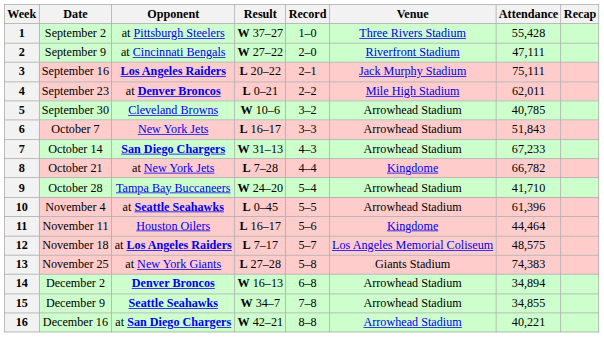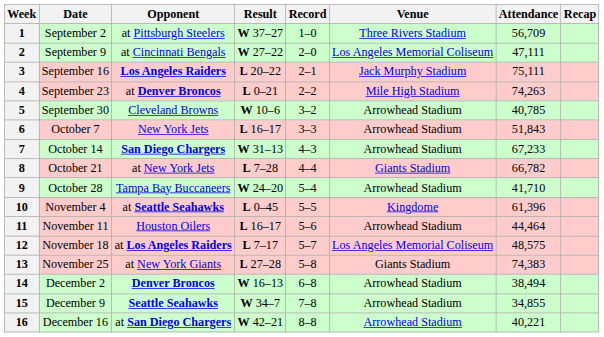 <table class="wikitable" style="text-align:center">
 <tr>
 <th>Week</th>
 <th>Date</th>
 <th>Opponent</th>
 <th>Result</th>
 <th>Record</th>
 <th>Venue</th>
 <th>Attendance</th>
 <th>Recap</th>
 </tr>
 <tr style="background:#cfc">
 <th>1</th>
 <td>September 2</td>
 <td>at <a href='#'>Pittsburgh Steelers</a></td>
 <td><strong>W</strong> 37–27</td>
 <td>1–0</td>
 <td><a href='#'>Three Rivers Stadium</a></td>
-<td>55,428</td>
+<td>56,709</td>
 <td></td>
 </tr>
 <tr style="background:#cfc">
 <th>2</th>
 <td>September 9</td>
 <td>at <a href='#'>Cincinnati Bengals</a></td>
 <td><strong>W</strong> 27–22</td>
 <td>2–0</td>
-<td><a href='#'>Riverfront Stadium</a></td>
+<td><a href='#'>Los Angeles Memorial Coliseum</a></td>
 <td>47,111</td>
 <td></td>
 </tr>
 <tr style="background:#fcc">
 <th>3</th>
 <td>September 16</td>
 <td><strong><a href='#'>Los Angeles Raiders</a></strong></td>
 <td><strong>L</strong> 20–22</td>
 <td>2–1</td>
 <td><a href='#'>Jack Murphy Stadium</a></td>
 <td>75,111</td>
 <td></td>
 </tr>
 <tr style="background:#fcc">
 <th>4</th>
 <td>September 23</td>
 <td>at <strong><a href='#'>Denver Broncos</a></strong></td>
 <td><strong>L</strong> 0–21</td>
 <td>2–2</td>
 <td><a href='#'>Mile High Stadium</a></td>
-<td>62,011</td>
+<td>74,263</td>
 <td></td>
 </tr>
 <tr style="background:#cfc">
 <th>5</th>
 <td>September 30</td>
 <td><a href='#'>Cleveland Browns</a></td>
 <td><strong>W</strong> 10–6</td>
 <td>3–2</td>
 <td>Arrowhead Stadium</td>
 <td>40,785</td>
 <td></td>
 </tr>
 <tr style="background:#fcc">
 <th>6</th>
 <td>October 7</td>
 <td><a href='#'>New York Jets</a></td>
 <td><strong>L</strong> 16–17</td>
 <td>3–3</td>
 <td>Arrowhead Stadium</td>
 <td>51,843</td>
 <td></td>
 </tr>
 <tr style="background:#cfc">
 <th>7</th>
 <td>October 14</td>
 <td><strong><a href='#'>San Diego Chargers</a></strong></td>
 <td><strong>W</strong> 31–13</td>
 <td>4–3</td>
 <td>Arrowhead Stadium</td>
 <td>67,233</td>
 <td></td>
 </tr>
 <tr style="background:#fcc">
 <th>8</th>
 <td>October 21</td>
 <td>at <a href='#'>New York Jets</a></td>
 <td><strong>L</strong> 7–28</td>
 <td>4–4</td>
-<td><a href='#'>Kingdome</a></td>
+<td><a href='#'>Giants Stadium</a></td>
 <td>66,782</td>
 <td></td>
 </tr>
 <tr style="background:#cfc">
 <th>9</th>
 <td>October 28</td>
 <td><a href='#'>Tampa Bay Buccaneers</a></td>
 <td><strong>W</strong> 24–20</td>
 <td>5–4</td>
 <td>Arrowhead Stadium</td>
 <td>41,710</td>
 <td></td>
 </tr>
 <tr style="background:#fcc">
 <th>10</th>
 <td>November 4</td>
 <td>at <strong><a href='#'>Seattle Seahawks</a></strong></td>
 <td><strong>L</strong> 0–45</td>
 <td>5–5</td>
-<td>Arrowhead Stadium</td>
+<td><a href='#'>Kingdome</a></td>
 <td>61,396</td>
 <td></td>
 </tr>
 <tr style="background:#fcc">
 <th>11</th>
 <td>November 11</td>
 <td><a href='#'>Houston Oilers</a></td>
 <td><strong>L</strong> 16–17</td>
 <td>5–6</td>
-<td><a href='#'>Kingdome</a></td>
+<td>Arrowhead Stadium</td>
 <td>44,464</td>
 <td></td>
 </tr>
 <tr style="background:#fcc">
 <th>12</th>
 <td>November 18</td>
 <td>at <strong><a href='#'>Los Angeles Raiders</a></strong></td>
 <td><strong>L</strong> 7–17</td>
 <td>5–7</td>
 <td><a href='#'>Los Angeles Memorial Coliseum</a></td>
 <td>48,575</td>
 <td></td>
 </tr>
 <tr style="background:#fcc">
 <th>13</th>
 <td>November 25</td>
 <td>at <a href='#'>New York Giants</a></td>
 <td><strong>L</strong> 27–28</td>
 <td>5–8</td>
 <td>Giants Stadium</td>
 <td>74,383</td>
 <td></td>
 </tr>
 <tr style="background:#cfc">
 <th>14</th>
 <td>December 2</td>
 <td><strong><a href='#'>Denver Broncos</a></strong></td>
 <td><strong>W</strong> 16–13</td>
 <td>6–8</td>
 <td>Arrowhead Stadium</td>
-<td>34,894</td>
+<td>38,494</td>
 <td></td>
 </tr>
 <tr style="background:#cfc">
 <th>15</th>
 <td>December 9</td>
 <td><strong><a href='#'>Seattle Seahawks</a></strong></td>
 <td><strong>W</strong> 34–7</td>
 <td>7–8</td>
 <td>Arrowhead Stadium</td>
 <td>34,855</td>
 <td></td>
 </tr>
 <tr style="background:#cfc">
 <th>16</th>
 <td>December 16</td>
 <td>at <strong><a href='#'>San Diego Chargers</a></strong></td>
 <td><strong>W</strong> 42–21</td>
 <td>8–8</td>
 <td><a href='#'>Arrowhead Stadium</a></td>
 <td>40,221</td>
 <td></td>
 </tr>
 </table>
